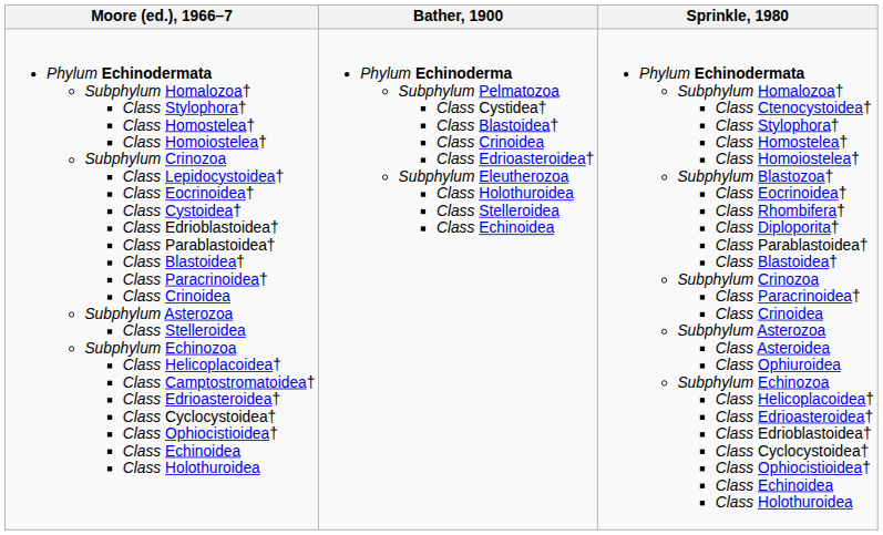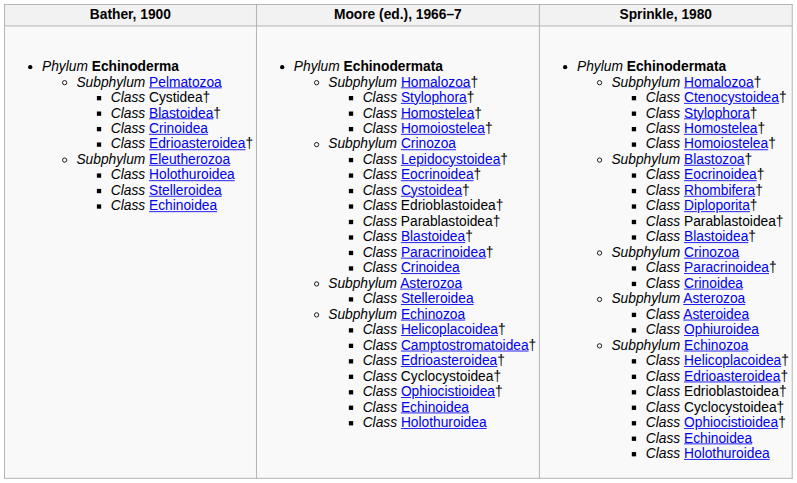 <table class="wikitable">
 <tr>
+<th>Bather, 1900</th>
 <th>Moore (ed.), 1966–7</th>
-<th>Bather, 1900</th>
 <th>Sprinkle, 1980</th>
 </tr>
 <tr style="vertical-align:top;">
+<td><br><ul><li><em>Phylum</em> <strong>Echinoderma</strong> <ul><li><em>Subphylum</em> <a href='#'>Pelmatozoa</a> <ul><li><em>Class</em> Cystidea† </li><li><em>Class</em> <a href='#'>Blastoidea</a>† </li><li><em>Class</em> <a href='#'>Crinoidea</a> </li><li><em>Class</em> <a href='#'>Edrioasteroidea</a>† </li></ul></li><li><em>Subphylum</em> <a href='#'>Eleutherozoa</a> <ul><li><em>Class</em> <a href='#'>Holothuroidea</a> </li><li><em>Class</em> <a href='#'>Stelleroidea</a> </li><li><em>Class</em> <a href='#'>Echinoidea</a> </li></ul></li></ul></li></ul></td>
 <td><br><ul><li><em>Phylum</em> <strong>Echinodermata</strong> <ul><li><em>Subphylum</em> <a href='#'>Homalozoa</a>† <ul><li><em>Class</em> <a href='#'>Stylophora</a>† </li><li><em>Class</em> <a href='#'>Homostelea</a>† </li><li><em>Class</em> <a href='#'>Homoiostelea</a>† </li></ul></li><li><em>Subphylum</em> <a href='#'>Crinozoa</a> <ul><li><em>Class</em> <a href='#'>Lepidocystoidea</a>† </li><li><em>Class</em> <a href='#'>Eocrinoidea</a>† </li><li><em>Class</em> <a href='#'>Cystoidea</a>† </li><li><em>Class</em> Edrioblastoidea† </li><li><em>Class</em> Parablastoidea† </li><li><em>Class</em> <a href='#'>Blastoidea</a>† </li><li><em>Class</em> <a href='#'>Paracrinoidea</a>† </li><li><em>Class</em> <a href='#'>Crinoidea</a> </li></ul></li><li><em>Subphylum</em> <a href='#'>Asterozoa</a> <ul><li><em>Class</em> <a href='#'>Stelleroidea</a> </li></ul></li><li><em>Subphylum</em> <a href='#'>Echinozoa</a> <ul><li><em>Class</em> <a href='#'>Helicoplacoidea</a>† </li><li><em>Class</em> <a href='#'>Camptostromatoidea</a>† </li><li><em>Class</em> <a href='#'>Edrioasteroidea</a>† </li><li><em>Class</em> Cyclocystoidea† </li><li><em>Class</em> <a href='#'>Ophiocistioidea</a>† </li><li><em>Class</em> <a href='#'>Echinoidea</a> </li><li><em>Class</em> <a href='#'>Holothuroidea</a> </li></ul></li></ul></li></ul></td>
-<td><br><ul><li><em>Phylum</em> <strong>Echinoderma</strong> <ul><li><em>Subphylum</em> <a href='#'>Pelmatozoa</a> <ul><li><em>Class</em> Cystidea† </li><li><em>Class</em> <a href='#'>Blastoidea</a>† </li><li><em>Class</em> <a href='#'>Crinoidea</a> </li><li><em>Class</em> <a href='#'>Edrioasteroidea</a>† </li></ul></li><li><em>Subphylum</em> <a href='#'>Eleutherozoa</a> <ul><li><em>Class</em> <a href='#'>Holothuroidea</a> </li><li><em>Class</em> <a href='#'>Stelleroidea</a> </li><li><em>Class</em> <a href='#'>Echinoidea</a> </li></ul></li></ul></li></ul></td>
 <td><br><ul><li><em>Phylum</em> <strong>Echinodermata</strong> <ul><li><em>Subphylum</em> <a href='#'>Homalozoa</a>† <ul><li><em>Class</em> <a href='#'>Ctenocystoidea</a>† </li><li><em>Class</em> <a href='#'>Stylophora</a>† </li><li><em>Class</em> <a href='#'>Homostelea</a>† </li><li><em>Class</em> <a href='#'>Homoiostelea</a>† </li></ul></li><li><em>Subphylum</em> <a href='#'>Blastozoa</a>† <ul><li><em>Class</em> <a href='#'>Eocrinoidea</a>† </li><li><em>Class</em> <a href='#'>Rhombifera</a>† </li><li><em>Class</em> <a href='#'>Diploporita</a>† </li><li><em>Class</em> Parablastoidea† </li><li><em>Class</em> <a href='#'>Blastoidea</a>† </li></ul></li><li><em>Subphylum</em> <a href='#'>Crinozoa</a> <ul><li><em>Class</em> <a href='#'>Paracrinoidea</a>† </li><li><em>Class</em> <a href='#'>Crinoidea</a> </li></ul></li><li><em>Subphylum</em> <a href='#'>Asterozoa</a> <ul><li><em>Class</em> <a href='#'>Asteroidea</a> </li><li><em>Class</em> <a href='#'>Ophiuroidea</a> </li></ul></li><li><em>Subphylum</em> <a href='#'>Echinozoa</a> <ul><li><em>Class</em> <a href='#'>Helicoplacoidea</a>† </li><li><em>Class</em> <a href='#'>Edrioasteroidea</a>† </li><li><em>Class</em> Edrioblastoidea† </li><li><em>Class</em> Cyclocystoidea† </li><li><em>Class</em> <a href='#'>Ophiocistioidea</a>† </li><li><em>Class</em> <a href='#'>Echinoidea</a> </li><li><em>Class</em> <a href='#'>Holothuroidea</a> </li></ul></li></ul></li></ul></td>
 </tr>
 </table>
